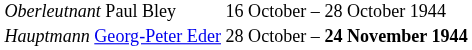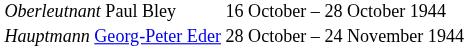 <table>
 <tr>
 <td><em>Oberleutnant</em> Paul Bley</td>
 <td>16 October</td>
 <td>–</td>
 <td>28 October 1944</td>
 </tr>
 <tr>
 <td><em>Hauptmann</em> <a href='#'>Georg-Peter Eder</a></td>
 <td>28 October</td>
 <td>–</td>
-<td><strong>24 November 1944</strong></td>
+<td>24 November 1944</td>
 </tr>
 </table>
